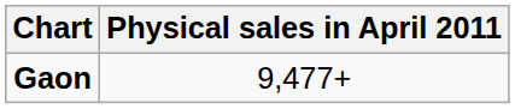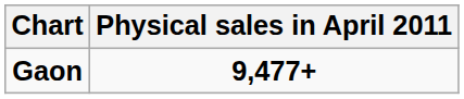 <table class="wikitable">
 <tr>
 <th>Chart</th>
 <th>Physical sales in April 2011</th>
 </tr>
 <tr>
 <td align="center"><strong>Gaon</strong></td>
-<td align="center">9,477+</td>
+<td align="center"><strong>9,477+</strong></td>
 </tr>
 </table>
